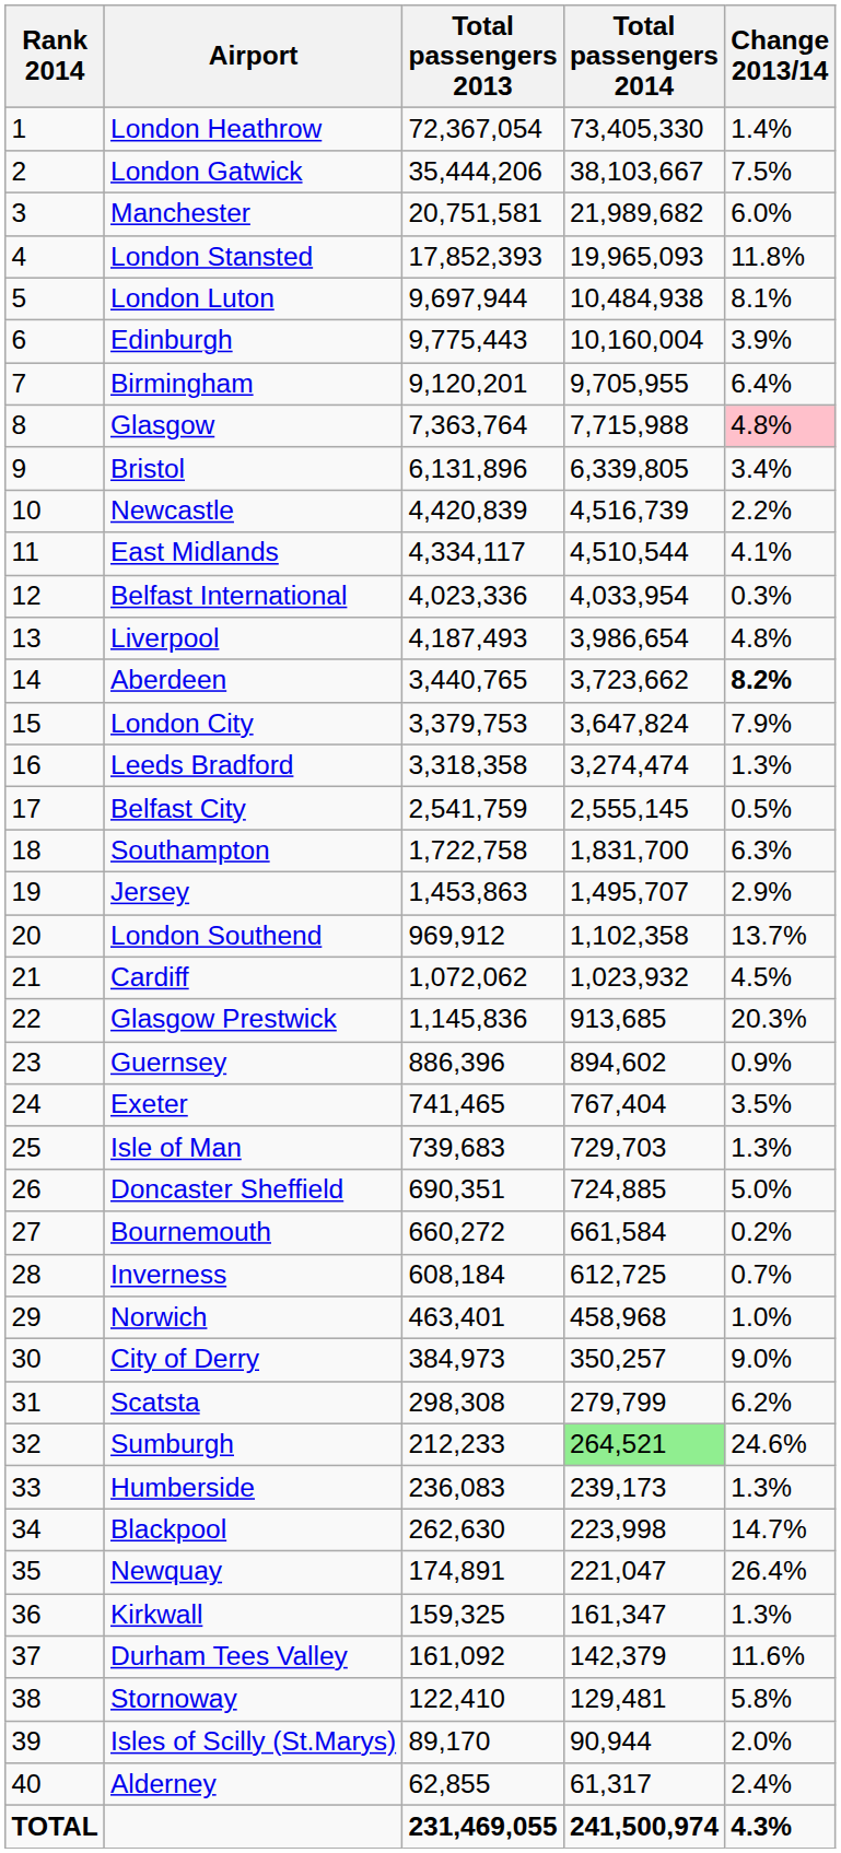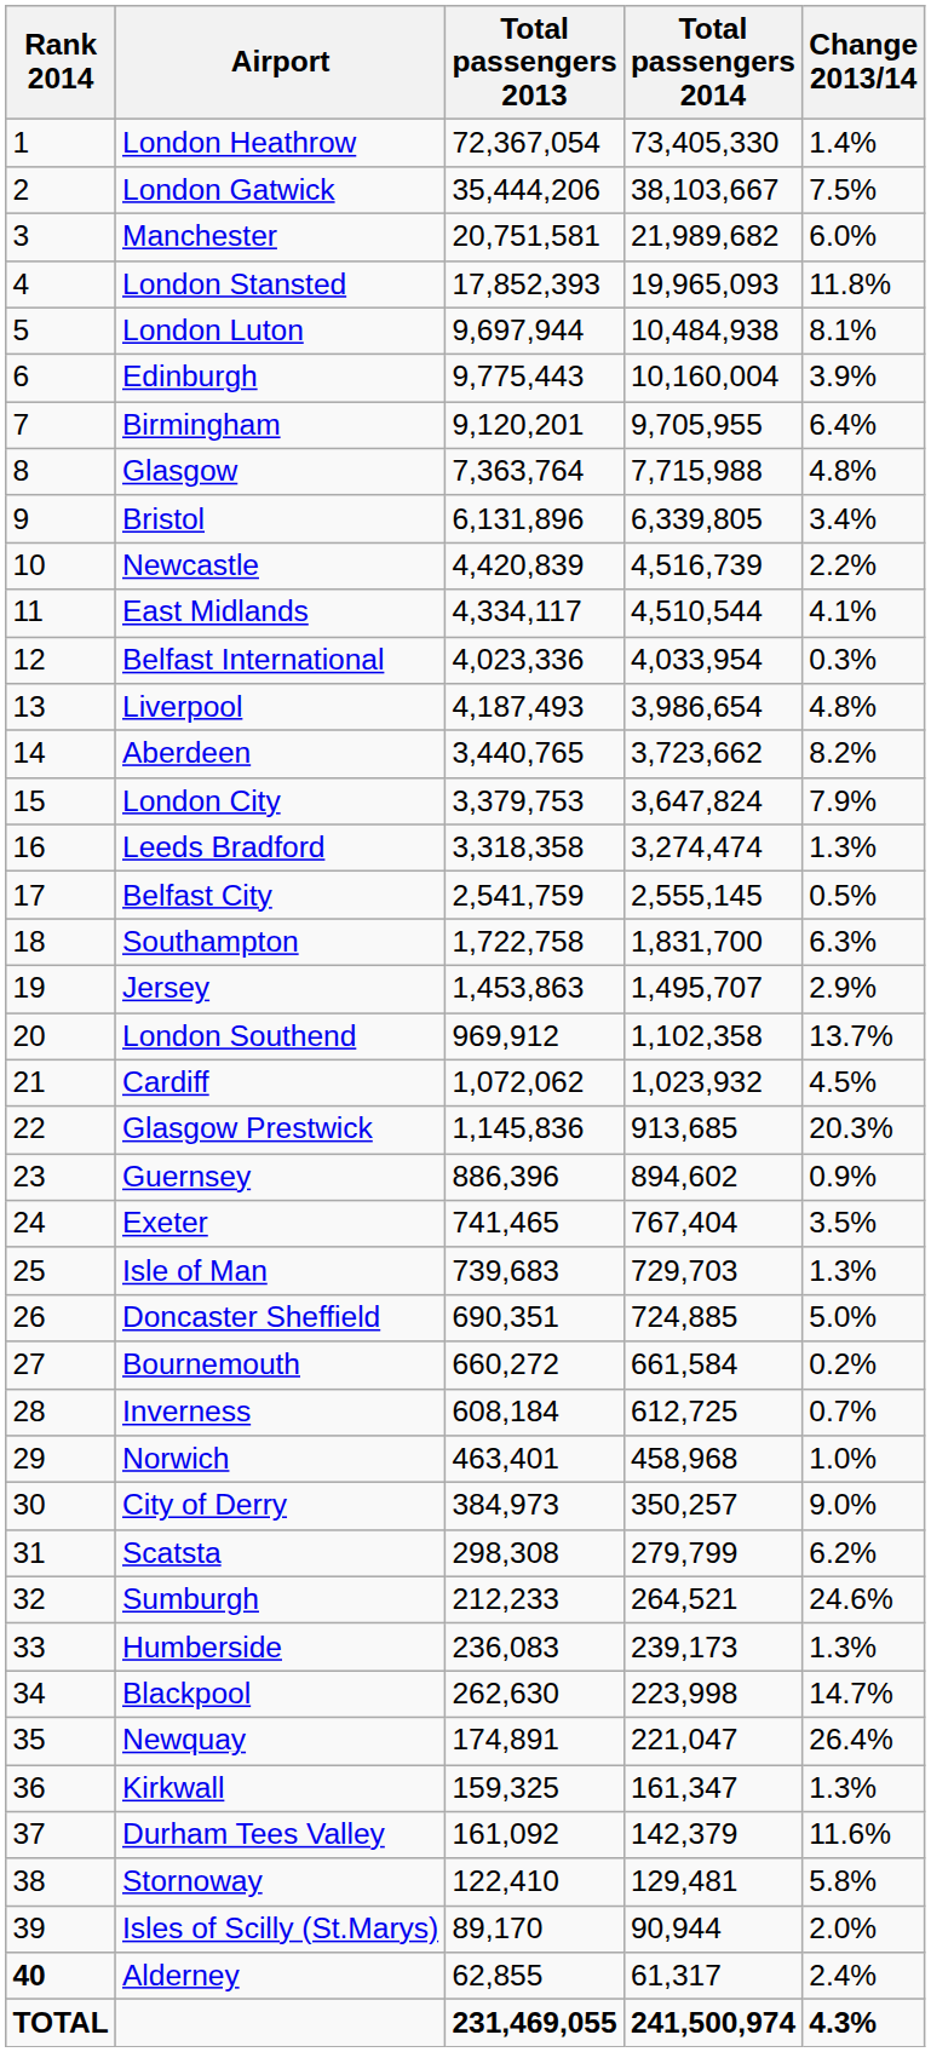 <table class="wikitable sortable">
 <tr>
 <th>Rank<br>2014</th>
 <th>Airport</th>
 <th>Total<br>passengers<br>2013</th>
 <th>Total<br>passengers<br>2014<br><small></small></th>
 <th>Change<br>2013/14</th>
 </tr>
 <tr>
 <td>1</td>
 <td><a href='#'>London Heathrow</a></td>
 <td>72,367,054</td>
 <td>73,405,330</td>
 <td>1.4%</td>
 </tr>
 <tr>
 <td>2</td>
 <td><a href='#'>London Gatwick</a></td>
 <td>35,444,206</td>
 <td>38,103,667</td>
 <td>7.5%</td>
 </tr>
 <tr>
 <td>3</td>
 <td><a href='#'>Manchester</a></td>
 <td>20,751,581</td>
 <td>21,989,682</td>
 <td>6.0%</td>
 </tr>
 <tr>
 <td>4</td>
 <td><a href='#'>London Stansted</a></td>
 <td>17,852,393</td>
 <td>19,965,093</td>
 <td>11.8%</td>
 </tr>
 <tr>
 <td>5</td>
 <td><a href='#'>London Luton</a></td>
 <td>9,697,944</td>
 <td>10,484,938</td>
 <td>8.1%</td>
 </tr>
 <tr>
 <td>6</td>
 <td><a href='#'>Edinburgh</a></td>
 <td>9,775,443</td>
 <td>10,160,004</td>
 <td>3.9%</td>
 </tr>
 <tr>
 <td>7</td>
 <td><a href='#'>Birmingham</a></td>
 <td>9,120,201</td>
 <td>9,705,955</td>
 <td>6.4%</td>
 </tr>
 <tr>
 <td>8</td>
 <td><a href='#'>Glasgow</a></td>
 <td>7,363,764</td>
 <td>7,715,988</td>
-<td style="background: pink;">4.8%</td>
+<td>4.8%</td>
 </tr>
 <tr>
 <td>9</td>
 <td><a href='#'>Bristol</a></td>
 <td>6,131,896</td>
 <td>6,339,805</td>
 <td>3.4%</td>
 </tr>
 <tr>
 <td>10</td>
 <td><a href='#'>Newcastle</a></td>
 <td>4,420,839</td>
 <td>4,516,739</td>
 <td>2.2%</td>
 </tr>
 <tr>
 <td>11</td>
 <td><a href='#'>East Midlands</a></td>
 <td>4,334,117</td>
 <td>4,510,544</td>
 <td>4.1%</td>
 </tr>
 <tr>
 <td>12</td>
 <td><a href='#'>Belfast International</a></td>
 <td>4,023,336</td>
 <td>4,033,954</td>
 <td>0.3%</td>
 </tr>
 <tr>
 <td>13</td>
 <td><a href='#'>Liverpool</a></td>
 <td>4,187,493</td>
 <td>3,986,654</td>
 <td>4.8%</td>
 </tr>
 <tr>
 <td>14</td>
 <td><a href='#'>Aberdeen</a></td>
 <td>3,440,765</td>
 <td>3,723,662</td>
-<td><strong>8.2%</strong></td>
+<td>8.2%</td>
 </tr>
 <tr>
 <td>15</td>
 <td><a href='#'>London City</a></td>
 <td>3,379,753</td>
 <td>3,647,824</td>
 <td>7.9%</td>
 </tr>
 <tr>
 <td>16</td>
 <td><a href='#'>Leeds Bradford</a></td>
 <td>3,318,358</td>
 <td>3,274,474</td>
 <td>1.3%</td>
 </tr>
 <tr>
 <td>17</td>
 <td><a href='#'>Belfast City</a></td>
 <td>2,541,759</td>
 <td>2,555,145</td>
 <td>0.5%</td>
 </tr>
 <tr>
 <td>18</td>
 <td><a href='#'>Southampton</a></td>
 <td>1,722,758</td>
 <td>1,831,700</td>
 <td>6.3%</td>
 </tr>
 <tr>
 <td>19</td>
 <td><a href='#'>Jersey</a></td>
 <td>1,453,863</td>
 <td>1,495,707</td>
 <td>2.9%</td>
 </tr>
 <tr>
 <td>20</td>
 <td><a href='#'>London Southend</a></td>
 <td>969,912</td>
 <td>1,102,358</td>
 <td>13.7%</td>
 </tr>
 <tr>
 <td>21</td>
 <td><a href='#'>Cardiff</a></td>
 <td>1,072,062</td>
 <td>1,023,932</td>
 <td>4.5%</td>
 </tr>
 <tr>
 <td>22</td>
 <td><a href='#'>Glasgow Prestwick</a></td>
 <td>1,145,836</td>
 <td>913,685</td>
 <td>20.3%</td>
 </tr>
 <tr>
 <td>23</td>
 <td><a href='#'>Guernsey</a></td>
 <td>886,396</td>
 <td>894,602</td>
 <td>0.9%</td>
 </tr>
 <tr>
 <td>24</td>
 <td><a href='#'>Exeter</a></td>
 <td>741,465</td>
 <td>767,404</td>
 <td>3.5%</td>
 </tr>
 <tr>
 <td>25</td>
 <td><a href='#'>Isle of Man</a></td>
 <td>739,683</td>
 <td>729,703</td>
 <td>1.3%</td>
 </tr>
 <tr>
 <td>26</td>
 <td><a href='#'>Doncaster Sheffield</a></td>
 <td>690,351</td>
 <td>724,885</td>
 <td>5.0%</td>
 </tr>
 <tr>
 <td>27</td>
 <td><a href='#'>Bournemouth</a></td>
 <td>660,272</td>
 <td>661,584</td>
 <td>0.2%</td>
 </tr>
 <tr>
 <td>28</td>
 <td><a href='#'>Inverness</a></td>
 <td>608,184</td>
 <td>612,725</td>
 <td>0.7%</td>
 </tr>
 <tr>
 <td>29</td>
 <td><a href='#'>Norwich</a></td>
 <td>463,401</td>
 <td>458,968</td>
 <td>1.0%</td>
 </tr>
 <tr>
 <td>30</td>
 <td><a href='#'>City of Derry</a></td>
 <td>384,973</td>
 <td>350,257</td>
 <td>9.0%</td>
 </tr>
 <tr>
 <td>31</td>
 <td><a href='#'>Scatsta</a></td>
 <td>298,308</td>
 <td>279,799</td>
 <td>6.2%</td>
 </tr>
 <tr>
 <td>32</td>
 <td><a href='#'>Sumburgh</a></td>
 <td>212,233</td>
-<td style="background: lightgreen;">264,521</td>
+<td>264,521</td>
 <td>24.6%</td>
 </tr>
 <tr>
 <td>33</td>
 <td><a href='#'>Humberside</a></td>
 <td>236,083</td>
 <td>239,173</td>
 <td>1.3%</td>
 </tr>
 <tr>
 <td>34</td>
 <td><a href='#'>Blackpool</a></td>
 <td>262,630</td>
 <td>223,998</td>
 <td>14.7%</td>
 </tr>
 <tr>
 <td>35</td>
 <td><a href='#'>Newquay</a></td>
 <td>174,891</td>
 <td>221,047</td>
 <td>26.4%</td>
 </tr>
 <tr>
 <td>36</td>
 <td><a href='#'>Kirkwall</a></td>
 <td>159,325</td>
 <td>161,347</td>
 <td>1.3%</td>
 </tr>
 <tr>
 <td>37</td>
 <td><a href='#'>Durham Tees Valley</a></td>
 <td>161,092</td>
 <td>142,379</td>
 <td>11.6%</td>
 </tr>
 <tr>
 <td>38</td>
 <td><a href='#'>Stornoway</a></td>
 <td>122,410</td>
 <td>129,481</td>
 <td>5.8%</td>
 </tr>
 <tr>
 <td>39</td>
 <td><a href='#'>Isles of Scilly (St.Marys)</a></td>
 <td>89,170</td>
 <td>90,944</td>
 <td>2.0%</td>
 </tr>
 <tr>
-<td>40</td>
+<td><strong>40</strong></td>
 <td><a href='#'>Alderney</a></td>
 <td>62,855</td>
 <td>61,317</td>
 <td>2.4%</td>
 </tr>
 <tr class="sortbottom">
 <td><strong>TOTAL</strong></td>
 <td></td>
 <td><strong>231,469,055</strong></td>
 <td><strong>241,500,974</strong></td>
 <td><strong>4.3%</strong></td>
 </tr>
 </table>
